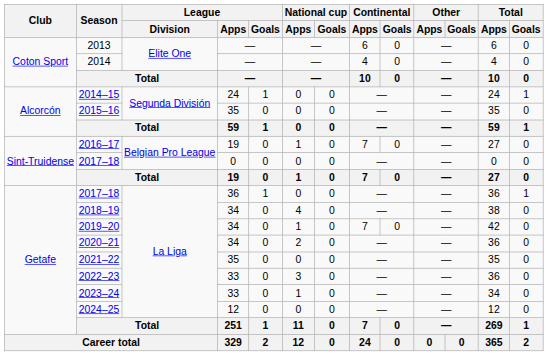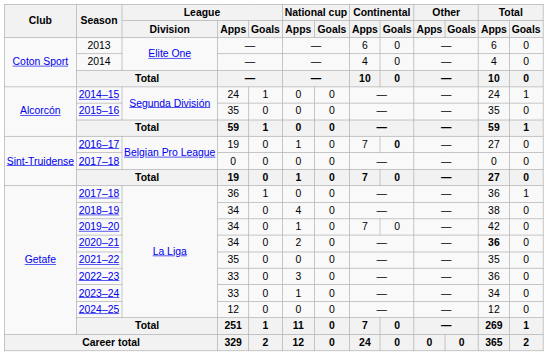 <table class="wikitable" style="text-align:center">
 <tr>
 <th rowspan="2">Club</th>
 <th rowspan="2">Season</th>
 <th colspan="3">League</th>
 <th colspan="2">National cup</th>
 <th colspan="2">Continental</th>
 <th colspan="2">Other</th>
 <th colspan="2">Total</th>
 </tr>
 <tr>
 <th>Division</th>
 <th>Apps</th>
 <th>Goals</th>
 <th>Apps</th>
 <th>Goals</th>
 <th>Apps</th>
 <th>Goals</th>
 <th>Apps</th>
 <th>Goals</th>
 <th>Apps</th>
 <th>Goals</th>
 </tr>
 <tr>
 <td rowspan="3"><a href='#'>Coton Sport</a></td>
 <td>2013</td>
 <td rowspan="2"><a href='#'>Elite One</a></td>
 <td colspan="2">—</td>
 <td colspan="2">—</td>
 <td>6</td>
 <td>0</td>
 <td colspan="2">—</td>
 <td>6</td>
 <td>0</td>
 </tr>
 <tr>
 <td>2014</td>
 <td colspan="2">—</td>
 <td colspan="2">—</td>
 <td>4</td>
 <td>0</td>
 <td colspan="2">—</td>
 <td>4</td>
 <td>0</td>
 </tr>
 <tr>
 <th colspan="2">Total</th>
 <th colspan="2">—</th>
 <th colspan="2">—</th>
 <th>10</th>
 <th>0</th>
 <th colspan="2">—</th>
 <th>10</th>
 <th>0</th>
 </tr>
 <tr>
 <td rowspan="3"><a href='#'>Alcorcón</a></td>
 <td><a href='#'>2014–15</a></td>
 <td rowspan="2"><a href='#'>Segunda División</a></td>
 <td>24</td>
 <td>1</td>
 <td>0</td>
 <td>0</td>
 <td colspan="2">—</td>
 <td colspan="2">—</td>
 <td>24</td>
 <td>1</td>
 </tr>
 <tr>
 <td><a href='#'>2015–16</a></td>
 <td>35</td>
 <td>0</td>
 <td>0</td>
 <td>0</td>
 <td colspan="2">—</td>
 <td colspan="2">—</td>
 <td>35</td>
 <td>0</td>
 </tr>
 <tr>
 <th colspan="2">Total</th>
 <th>59</th>
 <th>1</th>
 <th>0</th>
 <th>0</th>
 <th colspan="2">—</th>
 <th colspan="2">—</th>
 <th>59</th>
 <th>1</th>
 </tr>
 <tr>
 <td rowspan="3"><a href='#'>Sint-Truidense</a></td>
 <td><a href='#'>2016–17</a></td>
 <td rowspan="2"><a href='#'>Belgian Pro League</a></td>
 <td>19</td>
 <td>0</td>
 <td>1</td>
 <td>0</td>
 <td>7</td>
-<td>0</td>
+<td><strong>0</strong></td>
 <td colspan="2">—</td>
 <td>27</td>
 <td>0</td>
 </tr>
 <tr>
 <td><a href='#'>2017–18</a></td>
 <td>0</td>
 <td>0</td>
 <td>0</td>
 <td>0</td>
 <td colspan="2">—</td>
 <td colspan="2">—</td>
 <td>0</td>
 <td>0</td>
 </tr>
 <tr>
 <th colspan="2">Total</th>
 <th>19</th>
 <th>0</th>
 <th>1</th>
 <th>0</th>
 <th>7</th>
 <th>0</th>
 <th colspan="2">—</th>
 <th>27</th>
 <th>0</th>
 </tr>
 <tr>
 <td rowspan="9"><a href='#'>Getafe</a></td>
 <td><a href='#'>2017–18</a></td>
 <td rowspan="8"><a href='#'>La Liga</a></td>
 <td>36</td>
 <td>1</td>
 <td>0</td>
 <td>0</td>
 <td colspan="2">—</td>
 <td colspan="2">—</td>
 <td>36</td>
 <td>1</td>
 </tr>
 <tr>
 <td><a href='#'>2018–19</a></td>
 <td>34</td>
 <td>0</td>
 <td>4</td>
 <td>0</td>
 <td colspan="2">—</td>
 <td colspan="2">—</td>
 <td>38</td>
 <td>0</td>
 </tr>
 <tr>
 <td><a href='#'>2019–20</a></td>
 <td>34</td>
 <td>0</td>
 <td>1</td>
 <td>0</td>
 <td>7</td>
 <td>0</td>
 <td colspan="2">—</td>
 <td>42</td>
 <td>0</td>
 </tr>
 <tr>
 <td><a href='#'>2020–21</a></td>
 <td>34</td>
 <td>0</td>
 <td>2</td>
 <td>0</td>
 <td colspan="2">—</td>
 <td colspan="2">—</td>
-<td>36</td>
+<td><strong>36</strong></td>
 <td>0</td>
 </tr>
 <tr>
 <td><a href='#'>2021–22</a></td>
 <td>35</td>
 <td>0</td>
 <td>0</td>
 <td>0</td>
 <td colspan="2">—</td>
 <td colspan="2">—</td>
 <td>35</td>
 <td>0</td>
 </tr>
 <tr>
 <td><a href='#'>2022–23</a></td>
 <td>33</td>
 <td>0</td>
 <td>3</td>
 <td>0</td>
 <td colspan="2">—</td>
 <td colspan="2">—</td>
 <td>36</td>
 <td>0</td>
 </tr>
 <tr>
 <td><a href='#'>2023–24</a></td>
 <td>33</td>
 <td>0</td>
 <td>1</td>
 <td>0</td>
 <td colspan="2">—</td>
 <td colspan="2">—</td>
 <td>34</td>
 <td>0</td>
 </tr>
 <tr>
 <td><a href='#'>2024–25</a></td>
 <td>12</td>
 <td>0</td>
 <td>0</td>
 <td>0</td>
 <td colspan="2">—</td>
 <td colspan="2">—</td>
 <td>12</td>
 <td>0</td>
 </tr>
 <tr>
 <th colspan="2">Total</th>
 <th>251</th>
 <th>1</th>
 <th>11</th>
 <th>0</th>
 <th>7</th>
 <th>0</th>
 <th colspan="2">—</th>
 <th>269</th>
 <th>1</th>
 </tr>
 <tr>
 <th colspan="3">Career total</th>
 <th>329</th>
 <th>2</th>
 <th>12</th>
 <th>0</th>
 <th>24</th>
 <th>0</th>
 <th>0</th>
 <th>0</th>
 <th>365</th>
 <th>2</th>
 </tr>
 </table>
